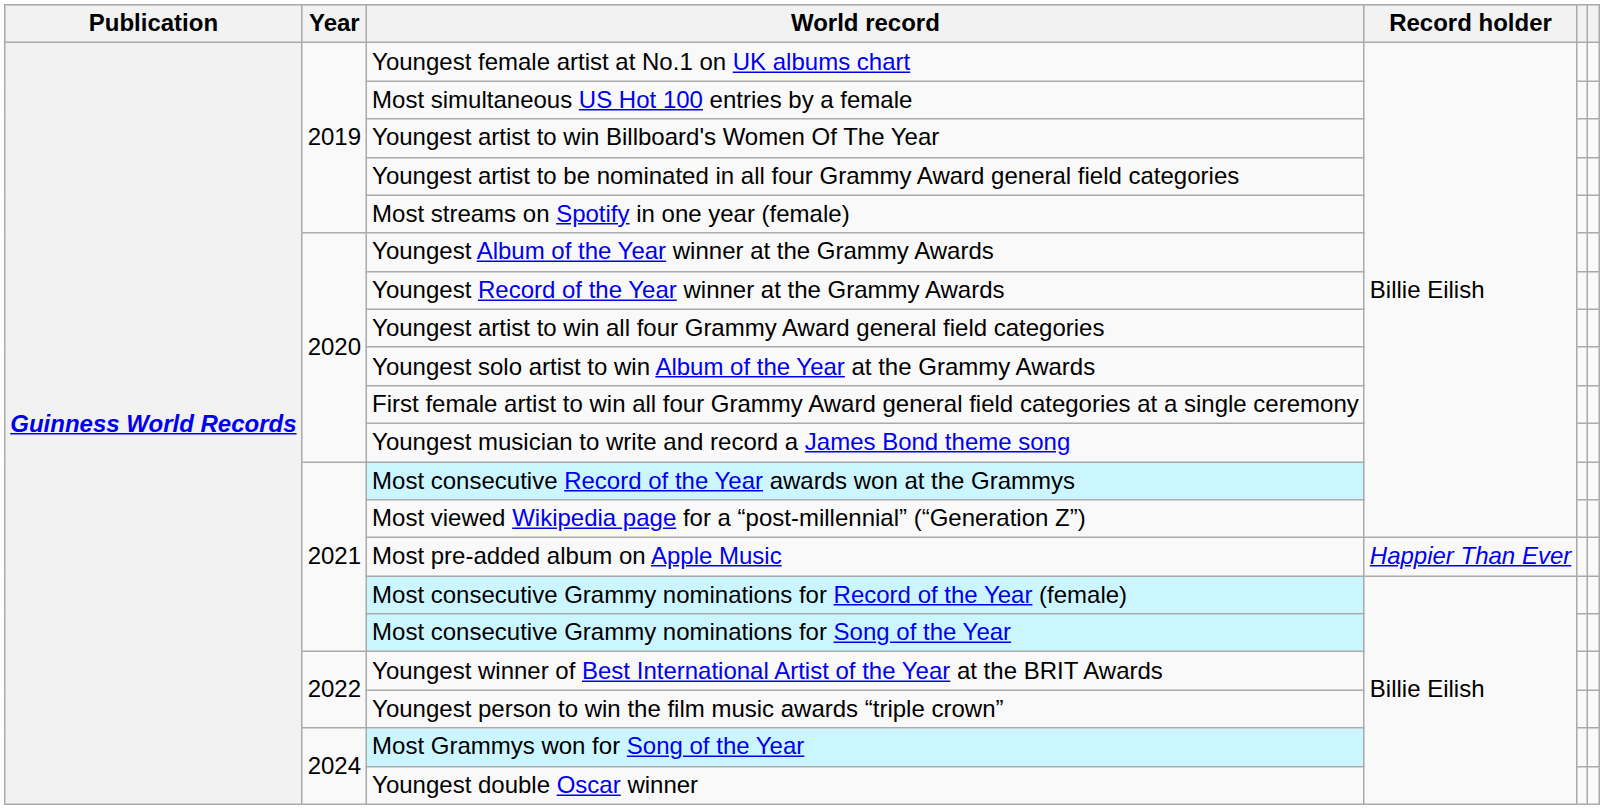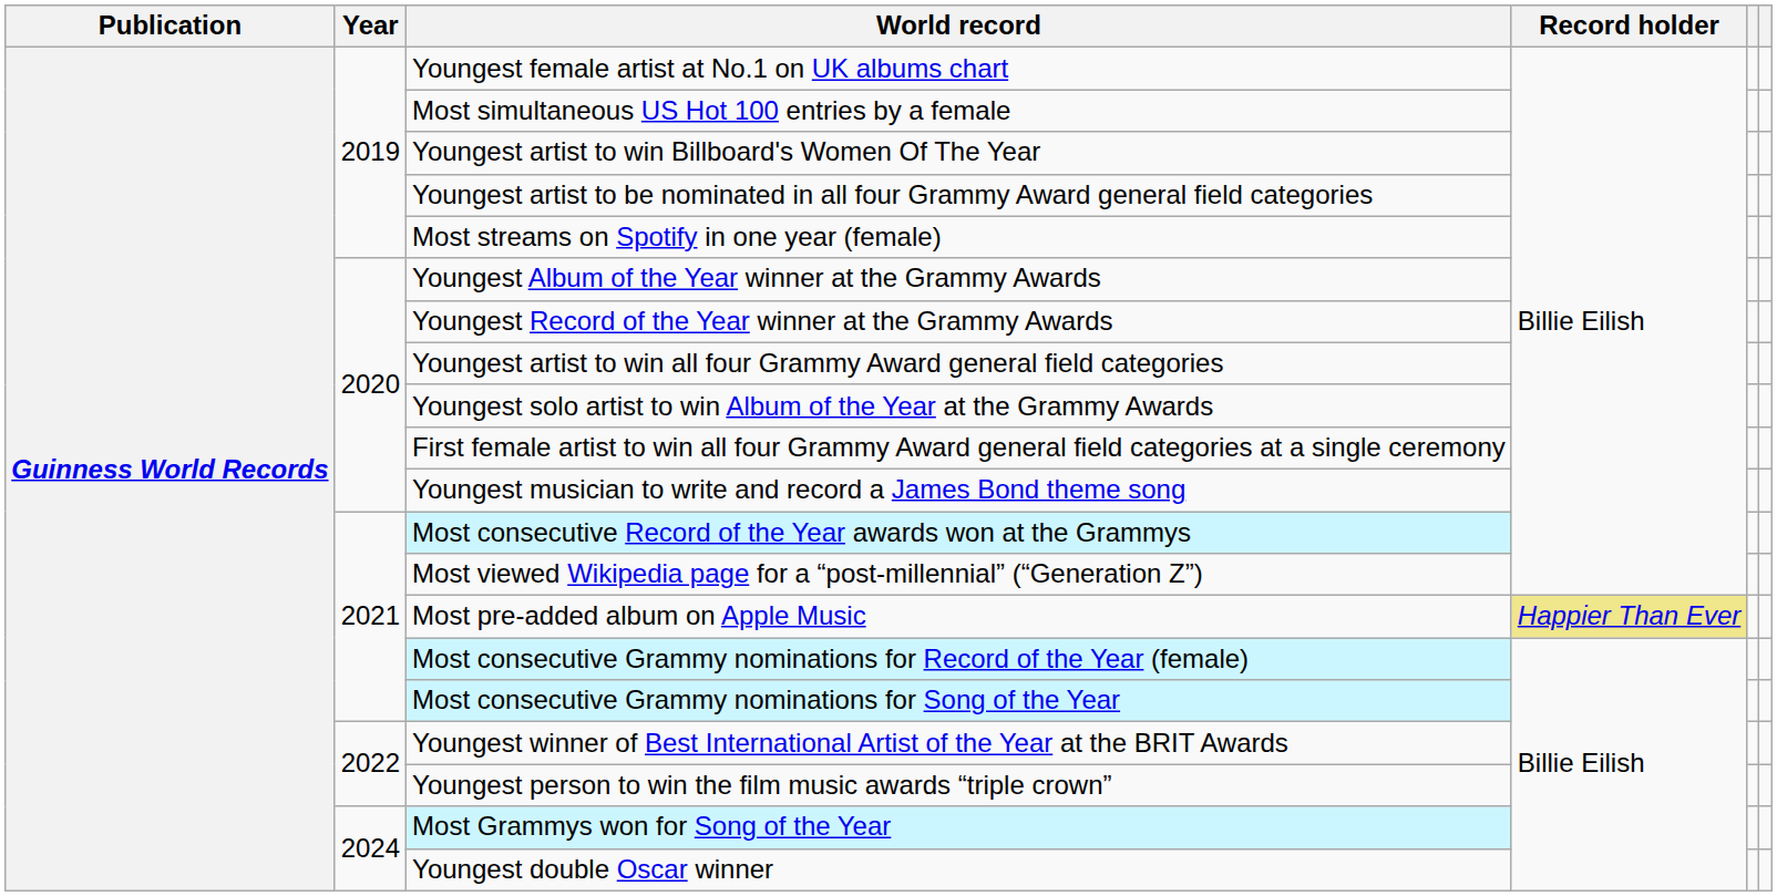 <table class="wikitable sortable plainrowheaders">
 <tr style="background:#ccc; text-align:center;">
 <th scope="col">Publication</th>
 <th scope="col">Year</th>
 <th scope="col">World record</th>
 <th scope="col">Record holder</th>
 <th scope="col"></th>
 <th scope="col" class="unsortable"></th>
 </tr>
 <tr>
 <th scope="row" rowspan="26"><em><a href='#'>Guinness World Records</a></em></th>
 <td rowspan="5" style="text-align:center;">2019</td>
 <td>Youngest female artist at No.1 on <a href='#'>UK albums chart</a></td>
 <td rowspan="13">Billie Eilish</td>
 <td></td>
 <td style="text-align:center;"></td>
 </tr>
 <tr>
 <td>Most simultaneous <a href='#'>US Hot 100</a> entries by a female</td>
 <td></td>
 <td style="text-align:center;"></td>
 </tr>
 <tr>
 <td>Youngest artist to win Billboard's Women Of The Year</td>
 <td></td>
 <td style="text-align:center;"></td>
 </tr>
 <tr>
 <td>Youngest artist to be nominated in all four Grammy Award general field categories</td>
 <td></td>
 <td style="text-align:center;"></td>
 </tr>
 <tr>
 <td>Most streams on <a href='#'>Spotify</a> in one year (female)</td>
 <td></td>
 <td style="text-align:center;"></td>
 </tr>
 <tr>
 <td rowspan="6" style="text-align:center;">2020</td>
 <td>Youngest <a href='#'>Album of the Year</a> winner at the Grammy Awards</td>
 <td></td>
 <td style="text-align:center;"></td>
 </tr>
 <tr>
 <td>Youngest <a href='#'>Record of the Year</a> winner at the Grammy Awards</td>
 <td></td>
 <td style="text-align:center;"></td>
 </tr>
 <tr>
 <td>Youngest artist to win all four Grammy Award general field categories</td>
 <td></td>
 <td style="text-align:center;"></td>
 </tr>
 <tr>
 <td>Youngest solo artist to win <a href='#'>Album of the Year</a> at the Grammy Awards</td>
 <td></td>
 <td style="text-align:center;"></td>
 </tr>
 <tr>
 <td>First female artist to win all four Grammy Award general field categories at a single ceremony</td>
 <td></td>
 <td style="text-align:center;"></td>
 </tr>
 <tr>
 <td>Youngest musician to write and record a <a href='#'>James Bond theme song</a></td>
 <td></td>
 <td style="text-align:center;"></td>
 </tr>
 <tr>
 <td rowspan="5" style="text-align:center;">2021</td>
 <td style="background-color:#CCF6FF"> Most consecutive <a href='#'>Record of the Year</a> awards won at the Grammys</td>
 <td></td>
 <td style="text-align:center;"></td>
 </tr>
 <tr>
 <td>Most viewed <a href='#'>Wikipedia page</a> for a “post-millennial” (“Generation Z”)</td>
 <td></td>
 <td style="text-align:center;"></td>
 </tr>
 <tr>
 <td>Most pre-added album on <a href='#'>Apple Music</a></td>
-<td><em><a href='#'>Happier Than Ever</a></em></td>
+<td style="background: khaki;"><em><a href='#'>Happier Than Ever</a></em></td>
 <td></td>
 <td style="text-align:center;"></td>
 </tr>
 <tr>
 <td style="background-color:#CCF6FF"> Most consecutive Grammy nominations for <a href='#'>Record of the Year</a> (female)</td>
 <td rowspan="12">Billie Eilish</td>
 <td></td>
 <td style="text-align:center;"></td>
 </tr>
 <tr>
 <td style="background-color:#CCF6FF"> Most consecutive Grammy nominations for <a href='#'>Song of the Year</a></td>
 <td></td>
 <td style="text-align:center;"></td>
 </tr>
 <tr>
 <td rowspan="2" style="text-align:center;">2022</td>
 <td>Youngest winner of <a href='#'>Best International Artist of the Year</a> at the BRIT Awards</td>
 <td></td>
 <td style="text-align:center;"></td>
 </tr>
 <tr>
 <td>Youngest person to win the film music awards “triple crown”</td>
 <td></td>
 <td style="text-align:center;"></td>
 </tr>
 <tr>
 <td rowspan="2" style="text-align:center;">2024</td>
 <td style="background-color:#CCF6FF"> Most Grammys won for <a href='#'>Song of the Year</a></td>
 <td></td>
 <td style="text-align:center;"></td>
 </tr>
 <tr>
 <td>Youngest double <a href='#'>Oscar</a> winner</td>
 <td></td>
 <td style="text-align:center;"></td>
 </tr>
 </table>
